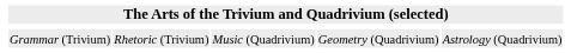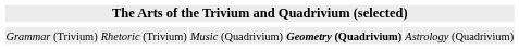 <table align=center style="text-align:center;">
 <tr>
 <th colspan=5 style="background:#ECECEC;"><strong>The Arts of the Trivium and Quadrivium (selected)</strong></th>
 </tr>
 <tr>
 <td></td>
 <td></td>
 <td></td>
 <td></td>
 <td></td>
 </tr>
 <tr>
 <td style="background:#ECECEC;"><small><em>Grammar</em> (Trivium)</small></td>
 <td style="background:#ECECEC;"><small><em>Rhetoric</em> (Trivium)</small></td>
 <td style="background:#ECECEC;"><small><em>Music</em> (Quadrivium)</small></td>
-<td style="background:#ECECEC;"><small><em>Geometry</em> (Quadrivium)</small></td>
+<td style="background:#ECECEC;"><strong><small><em>Geometry</em> (Quadrivium)</small></strong></td>
 <td style="background:#ECECEC;"><small><em>Astrology</em> (Quadrivium)</small></td>
 </tr>
 </table>
